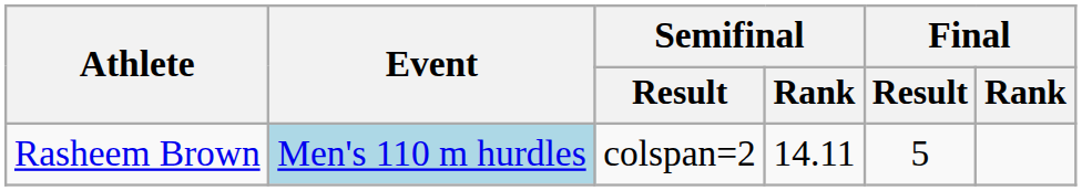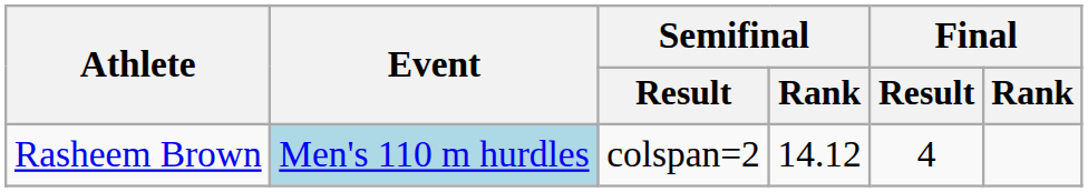 <table class="wikitable" style="font-size:90%">
 <tr>
 <th rowspan="2">Athlete</th>
 <th rowspan="2">Event</th>
 <th colspan="2">Semifinal</th>
 <th colspan="2">Final</th>
 </tr>
 <tr style="font-size:95%">
 <th>Result</th>
 <th>Rank</th>
 <th>Result</th>
 <th>Rank</th>
 </tr>
 <tr align=center>
 <td align=left><a href='#'>Rasheem Brown</a></td>
 <td align=left style="background: lightblue;"><a href='#'>Men's 110 m hurdles</a></td>
 <td>colspan=2 </td>
-<td>14.11</td>
-<td>5</td>
+<td>14.12</td>
+<td>4</td>
 </tr>
 </table>
